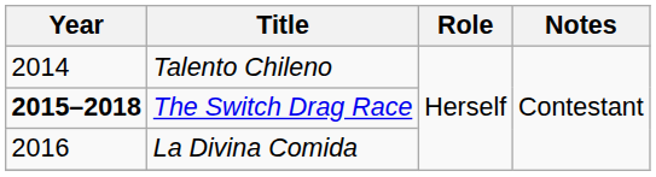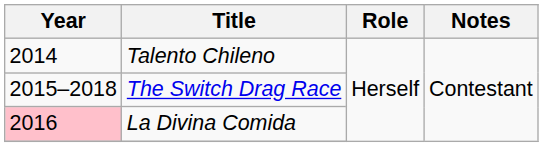 <table class="wikitable">
 <tr>
 <th>Year</th>
 <th>Title</th>
 <th>Role</th>
 <th>Notes</th>
 </tr>
 <tr>
 <td>2014</td>
 <td><em>Talento Chileno</em></td>
 <td rowspan="4">Herself</td>
 <td rowspan="4">Contestant</td>
 </tr>
 <tr>
-<td><strong>2015–2018</strong></td>
+<td>2015–2018</td>
 <td><em><a href='#'>The Switch Drag Race</a></em></td>
 </tr>
 <tr>
-<td>2016</td>
+<td style="background: pink;">2016</td>
 <td><em>La Divina Comida</em></td>
 </tr>
 <tr>
 </tr>
 </table>
